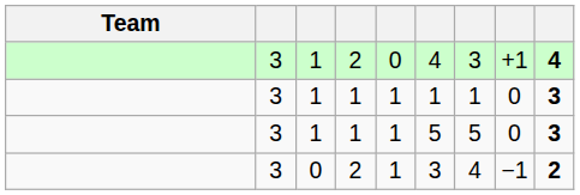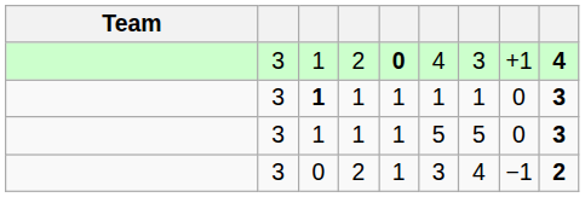 <table class="wikitable" style="text-align: center;">
 <tr>
 <th width="165">Team</th>
 <th width="20"></th>
 <th width="20"></th>
 <th width="20"></th>
 <th width="20"></th>
 <th width="20"></th>
 <th width="20"></th>
 <th width="20"></th>
 <th width="20"></th>
 </tr>
 <tr bgcolor=ccffcc>
 <td style="text-align:left;"></td>
 <td>3</td>
 <td>1</td>
 <td>2</td>
-<td>0</td>
+<td><strong>0</strong></td>
 <td>4</td>
 <td>3</td>
 <td>+1</td>
 <td><strong>4</strong></td>
 </tr>
 <tr>
 <td style="text-align:left;"></td>
 <td>3</td>
-<td>1</td>
+<td><strong>1</strong></td>
 <td>1</td>
 <td>1</td>
 <td>1</td>
 <td>1</td>
 <td>0</td>
 <td><strong>3</strong></td>
 </tr>
 <tr>
 <td style="text-align:left;"></td>
 <td>3</td>
 <td>1</td>
 <td>1</td>
 <td>1</td>
 <td>5</td>
 <td>5</td>
 <td>0</td>
 <td><strong>3</strong></td>
 </tr>
 <tr>
 <td style="text-align:left;"></td>
 <td>3</td>
 <td>0</td>
 <td>2</td>
 <td>1</td>
 <td>3</td>
 <td>4</td>
 <td>−1</td>
 <td><strong>2</strong></td>
 </tr>
 </table>
